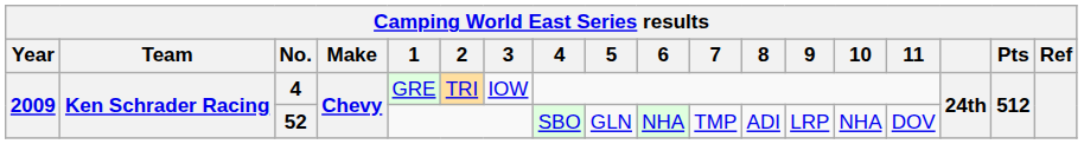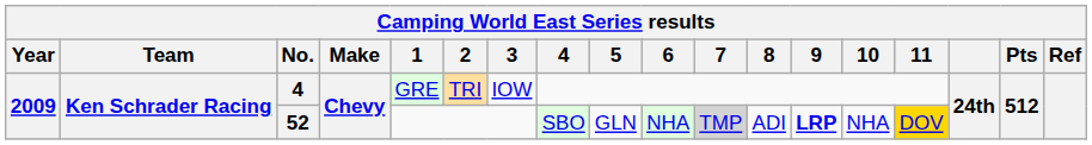 <table class="wikitable" style="text-align:center; font-size:75%">
 <tr>
 <th colspan=18><a href='#'>Camping World East Series</a> results</th>
 </tr>
 <tr>
 <th>Year</th>
 <th>Team</th>
 <th>No.</th>
 <th>Make</th>
 <th>1</th>
 <th>2</th>
 <th>3</th>
 <th>4</th>
 <th>5</th>
 <th>6</th>
 <th>7</th>
 <th>8</th>
 <th>9</th>
 <th>10</th>
 <th>11</th>
 <th></th>
 <th>Pts</th>
 <th>Ref</th>
 </tr>
 <tr>
 <th rowspan=2><a href='#'>2009</a></th>
 <th rowspan=2><a href='#'>Ken Schrader Racing</a></th>
 <th>4</th>
 <th rowspan=2><a href='#'>Chevy</a></th>
 <td style="background:#DFFFDF;"><a href='#'>GRE</a><br></td>
 <td style="background:#FFDF9F;"><a href='#'>TRI</a><br></td>
 <td><a href='#'>IOW</a></td>
 <td colspan=8></td>
 <th rowspan=2>24th</th>
 <th rowspan=2>512</th>
 <th rowspan=2></th>
 </tr>
 <tr>
 <th>52</th>
 <td colspan=3></td>
 <td style="background:#DFFFDF;"><a href='#'>SBO</a><br></td>
 <td><a href='#'>GLN</a></td>
 <td style="background:#DFFFDF;"><a href='#'>NHA</a><br></td>
-<td><a href='#'>TMP</a></td>
+<td style="background: lightgrey;"><a href='#'>TMP</a></td>
 <td><a href='#'>ADI</a></td>
-<td><a href='#'>LRP</a></td>
+<td><strong><a href='#'>LRP</a></strong></td>
 <td><a href='#'>NHA</a></td>
-<td><a href='#'>DOV</a></td>
+<td style="background: gold;"><a href='#'>DOV</a></td>
 </tr>
 </table>
